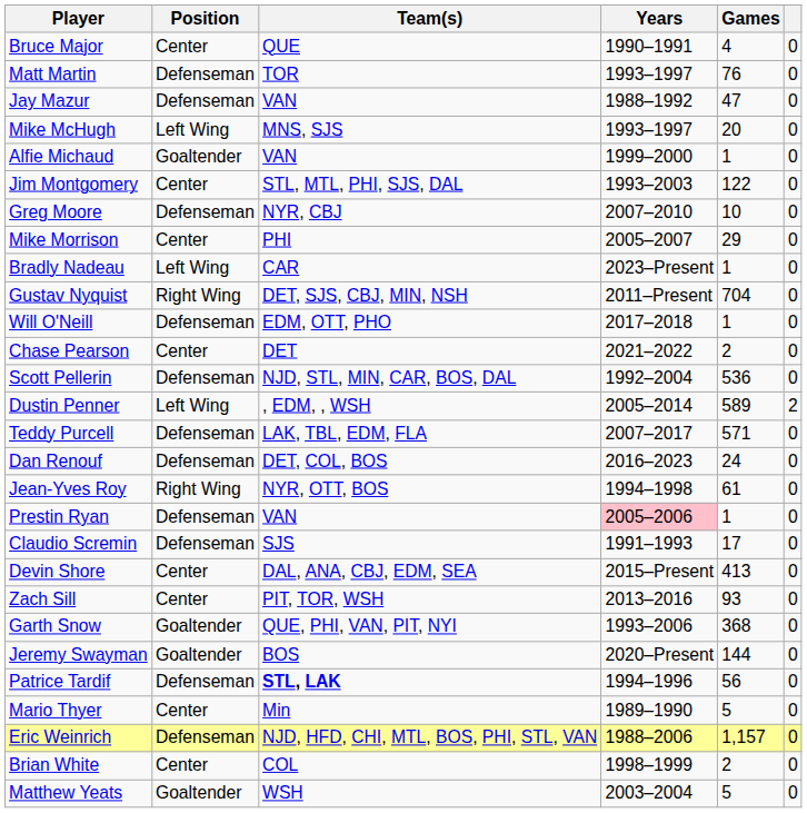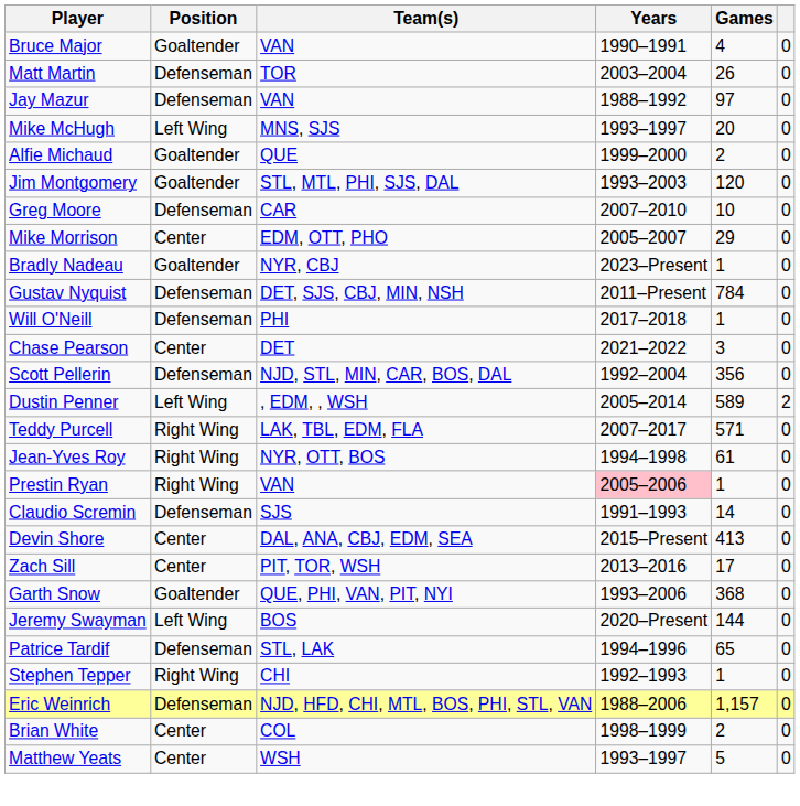 <table class="wikitable sortable">
 <tr>
 <th>Player</th>
 <th>Position</th>
 <th>Team(s)</th>
 <th>Years</th>
 <th>Games</th>
 <th><a href='#'></a></th>
 </tr>
 <tr>
 <td><a href='#'>Bruce Major</a></td>
-<td>Center</td>
-<td><a href='#'>QUE</a></td>
+<td>Goaltender</td>
+<td><a href='#'>VAN</a></td>
 <td>1990–1991</td>
 <td>4</td>
 <td>0</td>
 </tr>
 <tr>
 <td><a href='#'>Matt Martin</a></td>
 <td>Defenseman</td>
 <td><a href='#'>TOR</a></td>
-<td>1993–1997</td>
-<td>76</td>
+<td>2003–2004</td>
+<td>26</td>
 <td>0</td>
 </tr>
 <tr>
 <td><a href='#'>Jay Mazur</a></td>
 <td>Defenseman</td>
 <td><a href='#'>VAN</a></td>
 <td>1988–1992</td>
-<td>47</td>
+<td>97</td>
 <td>0</td>
 </tr>
 <tr>
 <td><a href='#'>Mike McHugh</a></td>
 <td>Left Wing</td>
 <td><a href='#'>MNS</a>, <a href='#'>SJS</a></td>
 <td>1993–1997</td>
 <td>20</td>
 <td>0</td>
 </tr>
 <tr>
 <td><a href='#'>Alfie Michaud</a></td>
 <td>Goaltender</td>
-<td><a href='#'>VAN</a></td>
+<td><a href='#'>QUE</a></td>
 <td>1999–2000</td>
-<td>1</td>
+<td>2</td>
 <td>0</td>
 </tr>
 <tr>
 <td><a href='#'>Jim Montgomery</a></td>
-<td>Center</td>
+<td>Goaltender</td>
 <td><a href='#'>STL</a>, <a href='#'>MTL</a>, <a href='#'>PHI</a>, <a href='#'>SJS</a>, <a href='#'>DAL</a></td>
 <td>1993–2003</td>
-<td>122</td>
+<td>120</td>
 <td>0</td>
 </tr>
 <tr>
 <td><a href='#'>Greg Moore</a></td>
 <td>Defenseman</td>
-<td><a href='#'>NYR</a>, <a href='#'>CBJ</a></td>
+<td><a href='#'>CAR</a></td>
 <td>2007–2010</td>
 <td>10</td>
 <td>0</td>
 </tr>
 <tr>
 <td><a href='#'>Mike Morrison</a></td>
 <td>Center</td>
-<td><a href='#'>PHI</a></td>
+<td><a href='#'>EDM</a>, <a href='#'>OTT</a>, <a href='#'>PHO</a></td>
 <td>2005–2007</td>
 <td>29</td>
 <td>0</td>
 </tr>
 <tr>
 <td><a href='#'>Bradly Nadeau</a></td>
-<td>Left Wing</td>
-<td><a href='#'>CAR</a></td>
+<td>Goaltender</td>
+<td><a href='#'>NYR</a>, <a href='#'>CBJ</a></td>
 <td>2023–Present</td>
 <td>1</td>
 <td>0</td>
 </tr>
 <tr>
 <td><a href='#'>Gustav Nyquist</a></td>
-<td>Right Wing</td>
+<td>Defenseman</td>
 <td><a href='#'>DET</a>, <a href='#'>SJS</a>, <a href='#'>CBJ</a>, <a href='#'>MIN</a>, <a href='#'>NSH</a></td>
 <td>2011–Present</td>
-<td>704</td>
+<td>784</td>
 <td>0</td>
 </tr>
 <tr>
 <td><a href='#'>Will O'Neill</a></td>
 <td>Defenseman</td>
-<td><a href='#'>EDM</a>, <a href='#'>OTT</a>, <a href='#'>PHO</a></td>
+<td><a href='#'>PHI</a></td>
 <td>2017–2018</td>
 <td>1</td>
 <td>0</td>
 </tr>
 <tr>
 <td><a href='#'>Chase Pearson</a></td>
 <td>Center</td>
 <td><a href='#'>DET</a></td>
 <td>2021–2022</td>
-<td>2</td>
+<td>3</td>
 <td>0</td>
 </tr>
 <tr>
 <td><a href='#'>Scott Pellerin</a></td>
 <td>Defenseman</td>
 <td><a href='#'>NJD</a>, <a href='#'>STL</a>, <a href='#'>MIN</a>, <a href='#'>CAR</a>, <a href='#'>BOS</a>, <a href='#'>DAL</a></td>
 <td>1992–2004</td>
-<td>536</td>
+<td>356</td>
 <td>0</td>
 </tr>
 <tr>
 <td><a href='#'>Dustin Penner</a></td>
 <td>Left Wing</td>
 <td><span><strong></strong></span>, <a href='#'>EDM</a>, <span><strong></strong></span>, <a href='#'>WSH</a></td>
 <td>2005–2014</td>
 <td>589</td>
 <td>2</td>
 </tr>
 <tr>
 <td><a href='#'>Teddy Purcell</a></td>
-<td>Defenseman</td>
+<td>Right Wing</td>
 <td><a href='#'>LAK</a>, <a href='#'>TBL</a>, <a href='#'>EDM</a>, <a href='#'>FLA</a></td>
 <td>2007–2017</td>
 <td>571</td>
-<td>0</td>
-</tr>
-<tr>
-<td><a href='#'>Dan Renouf</a></td>
-<td>Defenseman</td>
-<td><a href='#'>DET</a>, <a href='#'>COL</a>, <a href='#'>BOS</a></td>
-<td>2016–2023</td>
-<td>24</td>
 <td>0</td>
 </tr>
 <tr>
 <td><a href='#'>Jean-Yves Roy</a></td>
 <td>Right Wing</td>
 <td><a href='#'>NYR</a>, <a href='#'>OTT</a>, <a href='#'>BOS</a></td>
 <td>1994–1998</td>
 <td>61</td>
 <td>0</td>
 </tr>
 <tr>
 <td><a href='#'>Prestin Ryan</a></td>
-<td>Defenseman</td>
+<td>Right Wing</td>
 <td><a href='#'>VAN</a></td>
 <td style="background: pink;">2005–2006</td>
 <td>1</td>
 <td>0</td>
 </tr>
 <tr>
 <td><a href='#'>Claudio Scremin</a></td>
 <td>Defenseman</td>
 <td><a href='#'>SJS</a></td>
 <td>1991–1993</td>
-<td>17</td>
+<td>14</td>
 <td>0</td>
 </tr>
 <tr>
 <td><a href='#'>Devin Shore</a></td>
 <td>Center</td>
 <td><a href='#'>DAL</a>, <a href='#'>ANA</a>, <a href='#'>CBJ</a>, <a href='#'>EDM</a>, <a href='#'>SEA</a></td>
 <td>2015–Present</td>
 <td>413</td>
 <td>0</td>
 </tr>
 <tr>
 <td><a href='#'>Zach Sill</a></td>
 <td>Center</td>
 <td><a href='#'>PIT</a>, <a href='#'>TOR</a>, <a href='#'>WSH</a></td>
 <td>2013–2016</td>
-<td>93</td>
+<td>17</td>
 <td>0</td>
 </tr>
 <tr>
 <td><a href='#'>Garth Snow</a></td>
 <td>Goaltender</td>
 <td><a href='#'>QUE</a>, <a href='#'>PHI</a>, <a href='#'>VAN</a>, <a href='#'>PIT</a>, <a href='#'>NYI</a></td>
 <td>1993–2006</td>
 <td>368</td>
 <td>0</td>
 </tr>
 <tr>
 <td><a href='#'>Jeremy Swayman</a></td>
-<td>Goaltender</td>
+<td>Left Wing</td>
 <td><a href='#'>BOS</a></td>
 <td>2020–Present</td>
 <td>144</td>
 <td>0</td>
 </tr>
 <tr>
 <td><a href='#'>Patrice Tardif</a></td>
 <td>Defenseman</td>
-<td><strong><a href='#'>STL</a>, <a href='#'>LAK</a></strong></td>
+<td><a href='#'>STL</a>, <a href='#'>LAK</a></td>
 <td>1994–1996</td>
-<td>56</td>
+<td>65</td>
 <td>0</td>
 </tr>
 <tr>
-<td><a href='#'>Mario Thyer</a></td>
-<td>Center</td>
-<td><a href='#'>Min</a></td>
-<td>1989–1990</td>
-<td>5</td>
+<td><a href='#'>Stephen Tepper</a></td>
+<td>Right Wing</td>
+<td><a href='#'>CHI</a></td>
+<td>1992–1993</td>
+<td>1</td>
 <td>0</td>
 </tr>
 <tr bgcolor=FFFF99>
 <td><a href='#'>Eric Weinrich</a></td>
 <td>Defenseman</td>
 <td><a href='#'>NJD</a>, <a href='#'>HFD</a>, <a href='#'>CHI</a>, <a href='#'>MTL</a>, <a href='#'>BOS</a>, <a href='#'>PHI</a>, <a href='#'>STL</a>, <a href='#'>VAN</a></td>
 <td>1988–2006</td>
 <td>1,157</td>
 <td>0</td>
 </tr>
 <tr>
 <td><a href='#'>Brian White</a></td>
 <td>Center</td>
 <td><a href='#'>COL</a></td>
 <td>1998–1999</td>
 <td>2</td>
 <td>0</td>
 </tr>
 <tr>
 <td><a href='#'>Matthew Yeats</a></td>
-<td>Goaltender</td>
+<td>Center</td>
 <td><a href='#'>WSH</a></td>
-<td>2003–2004</td>
+<td>1993–1997</td>
 <td>5</td>
 <td>0</td>
 </tr>
 </table>
